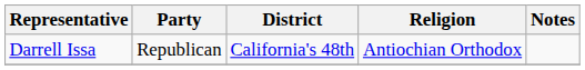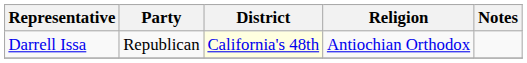 <table class="wikitable sortable" style="text-align:center">
 <tr>
 <th>Representative</th>
 <th>Party</th>
 <th>District</th>
 <th>Religion</th>
 <th>Notes</th>
 </tr>
 <tr>
 <td align=left nowrap> <a href='#'>Darrell Issa</a></td>
 <td>Republican</td>
-<td><a href='#'>California's 48th</a></td>
+<td style="background: lightyellow;"><a href='#'>California's 48th</a></td>
 <td><a href='#'>Antiochian Orthodox</a></td>
 <td></td>
 </tr>
 <tr>
 </tr>
 </table>
